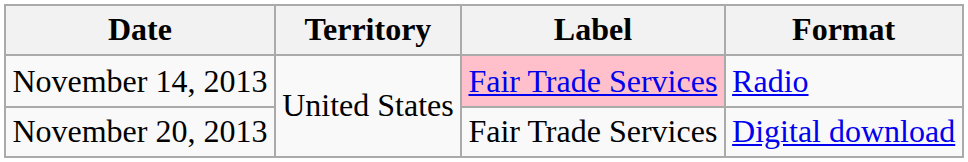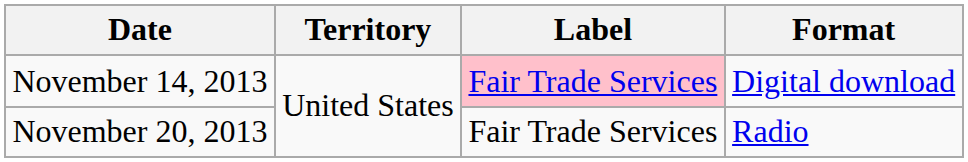 <table class="wikitable">
 <tr>
 <th>Date</th>
 <th>Territory</th>
 <th>Label</th>
 <th>Format</th>
 </tr>
 <tr>
 <td>November 14, 2013</td>
 <td rowspan="2">United States</td>
 <td style="background: pink;"><a href='#'>Fair Trade Services</a></td>
-<td><a href='#'>Radio</a></td>
+<td><a href='#'>Digital download</a></td>
 </tr>
 <tr>
 <td>November 20, 2013</td>
 <td>Fair Trade Services</td>
-<td><a href='#'>Digital download</a></td>
+<td><a href='#'>Radio</a></td>
 </tr>
 <tr>
 </tr>
 </table>
